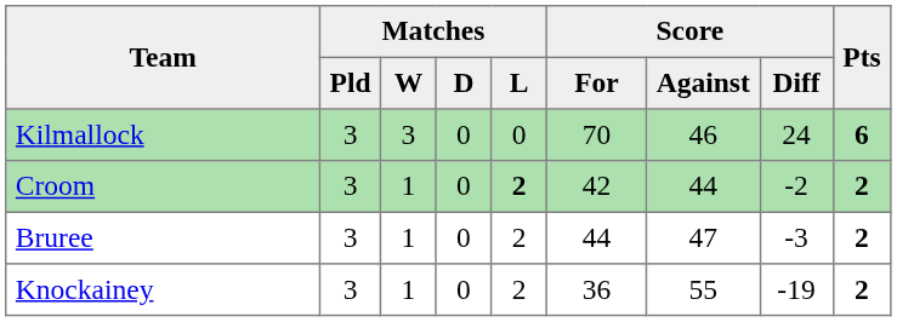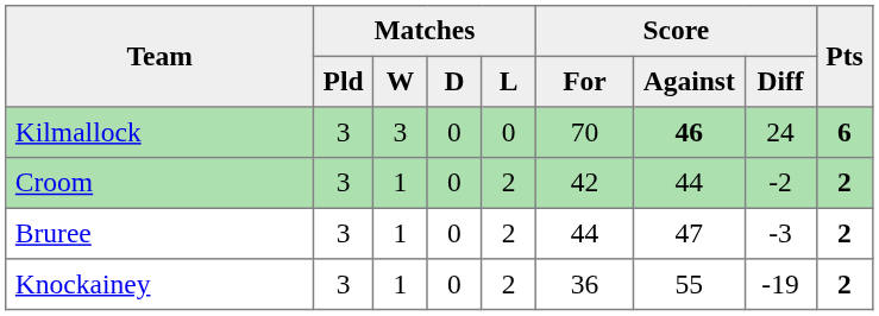 <table style=border-collapse:collapse border=1 cellspacing=0 cellpadding=5>
 <tr align=center bgcolor=#efefef>
 <th rowspan=2 width=165>Team</th>
 <th colspan=4>Matches</th>
 <th colspan=3>Score</th>
 <th rowspan=2width=20>Pts</th>
 </tr>
 <tr align=center bgcolor=#efefef>
 <th width=20>Pld</th>
 <th width=20>W</th>
 <th width=20>D</th>
 <th width=20>L</th>
 <th width=45>For</th>
 <th width=45>Against</th>
 <th width=30>Diff</th>
 </tr>
 <tr align=center style="background:#ACE1AF;">
 <td style="text-align:left;"><a href='#'>Kilmallock</a></td>
 <td>3</td>
 <td>3</td>
 <td>0</td>
 <td>0</td>
 <td>70</td>
-<td>46</td>
+<td><strong>46</strong></td>
 <td>24</td>
 <td><strong>6</strong></td>
 </tr>
 <tr align=center style="background:#ACE1AF;">
 <td style="text-align:left;"><a href='#'>Croom</a></td>
 <td>3</td>
 <td>1</td>
 <td>0</td>
-<td><strong>2</strong></td>
+<td>2</td>
 <td>42</td>
 <td>44</td>
 <td>-2</td>
 <td><strong>2</strong></td>
 </tr>
 <tr align=center>
 <td style="text-align:left;"><a href='#'>Bruree</a></td>
 <td>3</td>
 <td>1</td>
 <td>0</td>
 <td>2</td>
 <td>44</td>
 <td>47</td>
 <td>-3</td>
 <td><strong>2</strong></td>
 </tr>
 <tr align=center>
 <td style="text-align:left;"><a href='#'>Knockainey</a></td>
 <td>3</td>
 <td>1</td>
 <td>0</td>
 <td>2</td>
 <td>36</td>
 <td>55</td>
 <td>-19</td>
 <td><strong>2</strong></td>
 </tr>
 </table>
